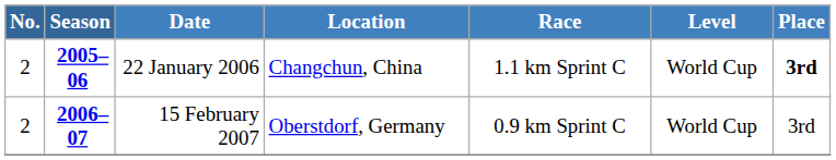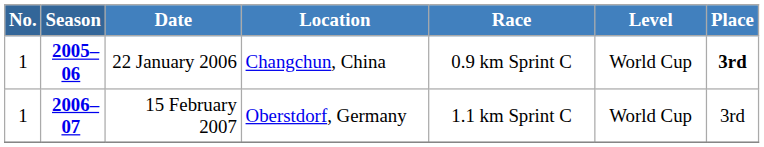 <table class="wikitable sortable" style="font-size:95%; text-align:center; border:grey solid 1px; border-collapse:collapse; background:#ffffff;">
 <tr style="background:#efefef;">
 <th style="background-color:#369; color:white;">No.</th>
 <th style="background-color:#369; color:white;">Season</th>
 <th style="background-color:#4180be; color:white; width:120px;">Date</th>
 <th style="background-color:#4180be; color:white; width:170px;">Location</th>
 <th style="background-color:#4180be; color:white; width:160px;">Race</th>
 <th style="background-color:#4180be; color:white; width:100px;">Level</th>
 <th style="background-color:#4180be; color:white;">Place</th>
 </tr>
 <tr>
-<td align=center>2</td>
+<td align=center>1</td>
 <td rowspan=1 align=center><strong> <a href='#'>2005–06</a> </strong></td>
 <td align=right>22 January 2006</td>
 <td align=left> <a href='#'>Changchun</a>, China</td>
-<td>1.1 km Sprint C</td>
+<td>0.9 km Sprint C</td>
 <td>World Cup</td>
 <td><strong>3rd</strong></td>
 </tr>
 <tr>
-<td align=center>2</td>
+<td align=center>1</td>
 <td rowspan=1 align=center><strong> <a href='#'>2006–07</a> </strong></td>
 <td align=right>15 February 2007</td>
 <td align=left> <a href='#'>Oberstdorf</a>, Germany</td>
-<td>0.9 km Sprint C</td>
+<td>1.1 km Sprint C</td>
 <td>World Cup</td>
 <td>3rd</td>
 </tr>
 <tr>
 </tr>
 </table>
